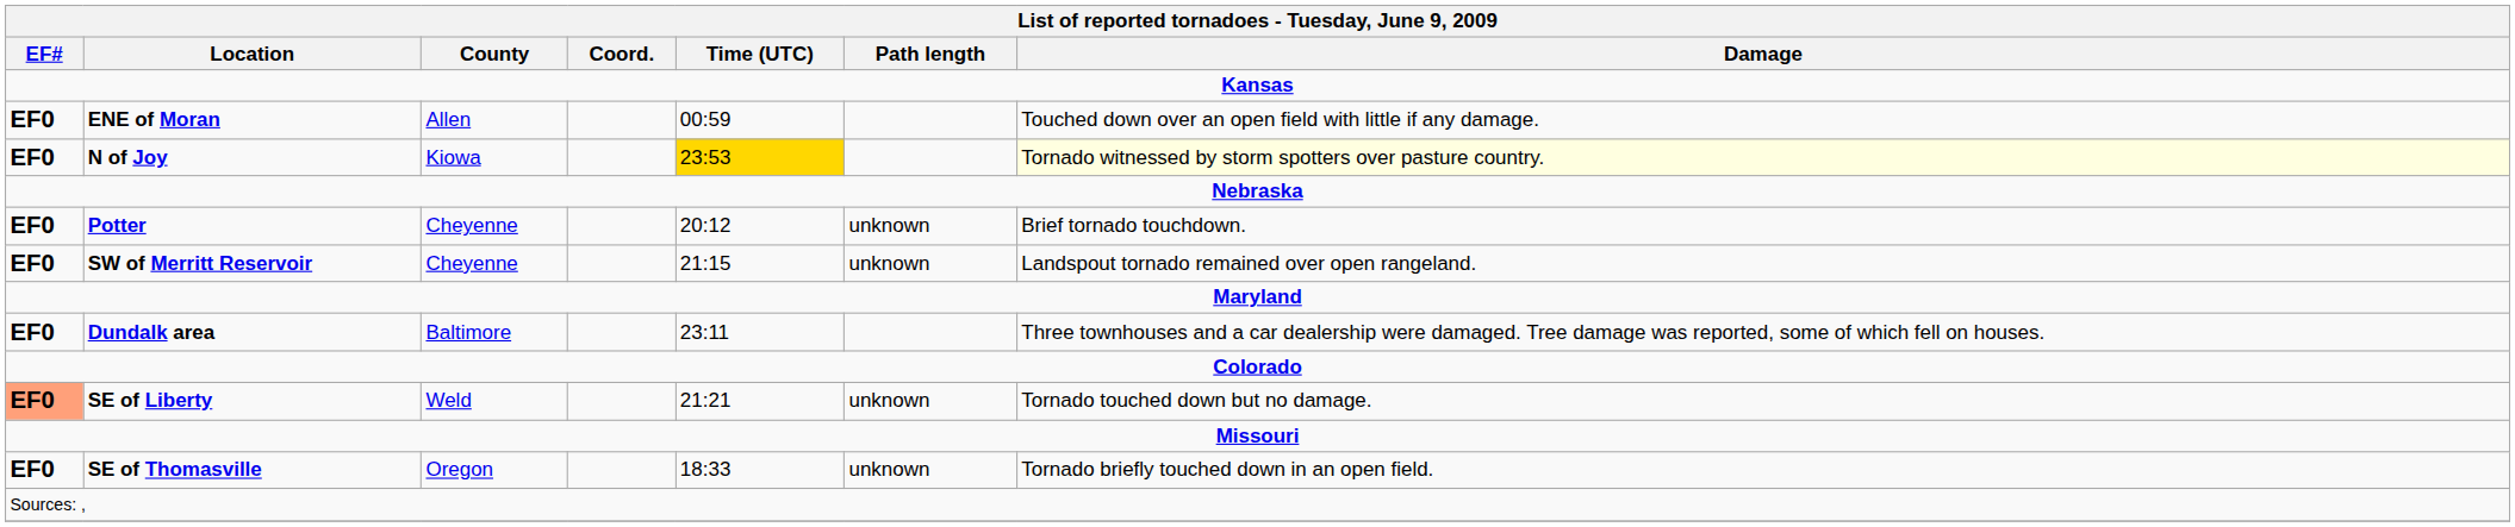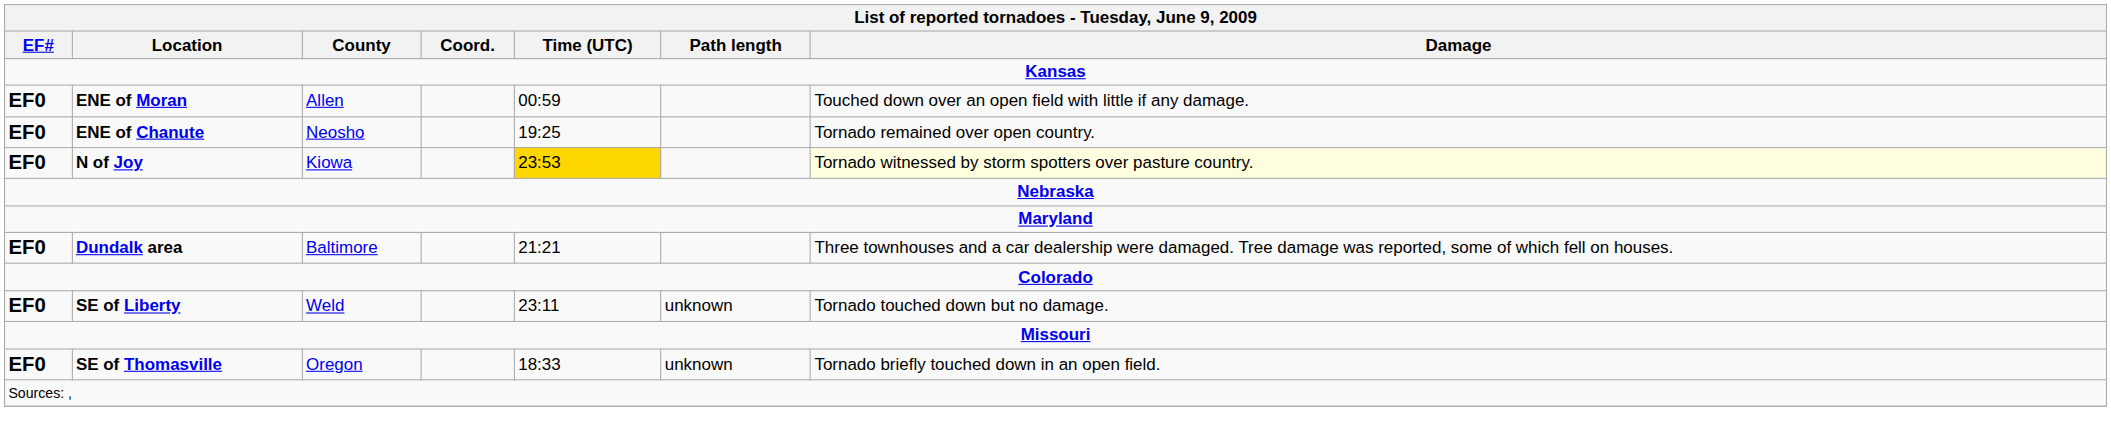 <table class="wikitable collapsible" width="100%">
 <tr>
 <th colspan="7">List of reported tornadoes - Tuesday, June 9, 2009</th>
 </tr>
 <tr>
 <th><a href='#'>EF#</a></th>
 <th>Location</th>
 <th>County</th>
 <th>Coord.</th>
 <th>Time (UTC)</th>
 <th>Path length</th>
 <th>Damage</th>
 </tr>
 <tr>
 <td colspan="7" align=center><strong><a href='#'>Kansas</a></strong></td>
 </tr>
 <tr>
 <td><big><strong>EF0</strong></big></td>
 <td><strong>ENE of <a href='#'>Moran</a></strong></td>
 <td><a href='#'>Allen</a></td>
 <td></td>
 <td>00:59</td>
 <td></td>
 <td>Touched down over an open field with little if any damage.</td>
 </tr>
 <tr>
 <td><big><strong>EF0</strong></big></td>
+<td><strong>ENE of <a href='#'>Chanute</a></strong></td>
+<td><a href='#'>Neosho</a></td>
+<td></td>
+<td>19:25</td>
+<td></td>
+<td>Tornado remained over open country.</td>
+</tr>
+<tr>
+<td><big><strong>EF0</strong></big></td>
 <td><strong>N of <a href='#'>Joy</a></strong></td>
 <td><a href='#'>Kiowa</a></td>
 <td></td>
 <td style="background: gold;">23:53</td>
 <td></td>
 <td style="background: lightyellow;">Tornado witnessed by storm spotters over pasture country.</td>
 </tr>
 <tr>
 <td colspan="7" align=center><strong><a href='#'>Nebraska</a></strong></td>
 </tr>
 <tr>
-<td><big><strong>EF0</strong></big></td>
-<td><strong><a href='#'>Potter</a></strong></td>
-<td><a href='#'>Cheyenne</a></td>
-<td></td>
-<td>20:12</td>
-<td>unknown</td>
-<td>Brief tornado touchdown.</td>
-</tr>
-<tr>
-<td><big><strong>EF0</strong></big></td>
-<td><strong>SW of <a href='#'>Merritt Reservoir</a></strong></td>
-<td><a href='#'>Cheyenne</a></td>
-<td></td>
-<td>21:15</td>
-<td>unknown</td>
-<td>Landspout tornado remained over open rangeland.</td>
-</tr>
-<tr>
 <td colspan="7" align=center><strong><a href='#'>Maryland</a></strong></td>
 </tr>
 <tr>
 <td><big><strong>EF0</strong></big></td>
 <td><strong><a href='#'>Dundalk</a> area</strong></td>
 <td><a href='#'>Baltimore</a></td>
 <td></td>
-<td>23:11</td>
+<td>21:21</td>
 <td></td>
 <td>Three townhouses and a car dealership were damaged. Tree damage was reported, some of which fell on houses.</td>
 </tr>
 <tr>
 <td colspan="7" align=center><strong><a href='#'>Colorado</a></strong></td>
 </tr>
 <tr>
-<td style="background: lightsalmon;"><big><strong>EF0</strong></big></td>
+<td><big><strong>EF0</strong></big></td>
 <td><strong>SE of <a href='#'>Liberty</a></strong></td>
 <td><a href='#'>Weld</a></td>
 <td></td>
-<td>21:21</td>
+<td>23:11</td>
 <td>unknown</td>
 <td>Tornado touched down but no damage.</td>
 </tr>
 <tr>
 <td colspan="7" align=center><strong><a href='#'>Missouri</a></strong></td>
 </tr>
 <tr>
 <td><big><strong>EF0</strong></big></td>
 <td><strong>SE of <a href='#'>Thomasville</a></strong></td>
 <td><a href='#'>Oregon</a></td>
 <td></td>
 <td>18:33</td>
 <td>unknown</td>
 <td>Tornado briefly touched down in an open field.</td>
 </tr>
 <tr>
 <td colspan="7"><small>Sources: , </small></td>
 </tr>
 <tr>
 </tr>
 </table>
